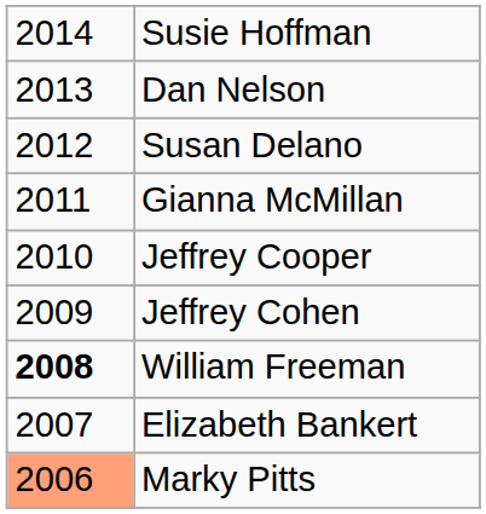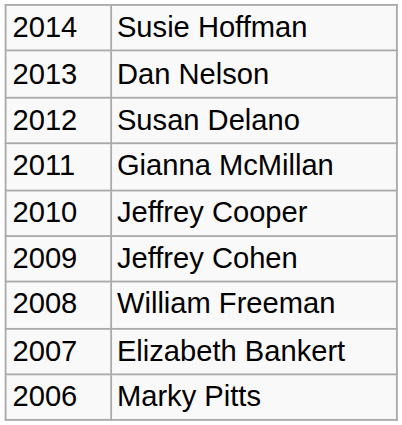 <table class="wikitable" style="margin: 1em auto 1em auto;">
 <tr>
 <td>2014</td>
 <td>Susie Hoffman</td>
 </tr>
 <tr>
 <td>2013</td>
 <td>Dan Nelson</td>
 </tr>
 <tr>
 <td>2012</td>
 <td>Susan Delano</td>
 </tr>
 <tr>
 <td width="50pt">2011</td>
 <td width="150pt">Gianna McMillan</td>
 </tr>
 <tr>
 <td>2010</td>
 <td>Jeffrey Cooper</td>
 </tr>
 <tr>
 <td>2009</td>
 <td>Jeffrey Cohen</td>
 </tr>
 <tr>
-<td><strong>2008</strong></td>
+<td>2008</td>
 <td>William Freeman</td>
 </tr>
 <tr>
 <td>2007</td>
 <td>Elizabeth Bankert</td>
 </tr>
 <tr>
-<td style="background: lightsalmon;">2006</td>
+<td>2006</td>
 <td>Marky Pitts</td>
 </tr>
 </table>
